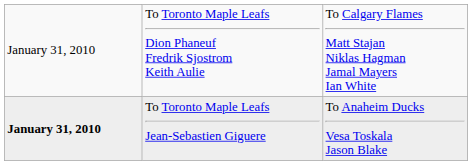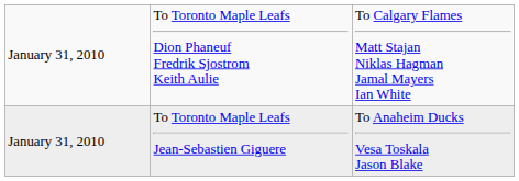 <table class="wikitable" style="border:1px solid #999; width:580px;">
 <tr>
 <td>January 31, 2010</td>
 <td valign="top">To <a href='#'>Toronto Maple Leafs</a><hr><a href='#'>Dion Phaneuf</a><br><a href='#'>Fredrik Sjostrom</a><br><a href='#'>Keith Aulie</a></td>
 <td valign="top">To <a href='#'>Calgary Flames</a><hr><a href='#'>Matt Stajan</a><br><a href='#'>Niklas Hagman</a><br><a href='#'>Jamal Mayers</a><br><a href='#'>Ian White</a></td>
 </tr>
 <tr bgcolor="eeeeee">
-<td><strong>January 31, 2010</strong></td>
+<td>January 31, 2010</td>
 <td valign="top">To <a href='#'>Toronto Maple Leafs</a><hr><a href='#'>Jean-Sebastien Giguere</a></td>
 <td valign="top">To <a href='#'>Anaheim Ducks</a><hr><a href='#'>Vesa Toskala</a><br><a href='#'>Jason Blake</a></td>
 </tr>
 </table>
